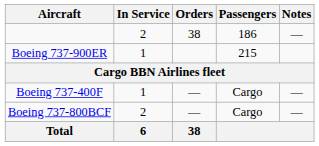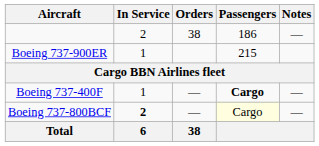 <table class="wikitable" style="margin:0.5em auto; text-align:center">
 <tr>
 <th>Aircraft</th>
 <th>In Service</th>
 <th>Orders</th>
 <th>Passengers</th>
 <th>Notes</th>
 </tr>
 <tr>
 <td></td>
 <td>2</td>
 <td>38</td>
 <td>186</td>
 <td>—</td>
 </tr>
 <tr>
 <td><a href='#'>Boeing 737-900ER</a></td>
 <td>1</td>
 <td></td>
 <td>215</td>
 <td></td>
 </tr>
 <tr>
 <th colspan="8" scope="row">Cargo BBN Airlines fleet</th>
 </tr>
 <tr>
 <td><a href='#'>Boeing 737-400F</a></td>
 <td>1</td>
 <td>—</td>
-<td>Cargo</td>
+<td><strong>Cargo</strong></td>
 <td>—</td>
 </tr>
 <tr>
 <td><a href='#'>Boeing 737-800BCF</a></td>
-<td>2</td>
+<td><strong>2</strong></td>
 <td>—</td>
-<td>Cargo</td>
+<td style="background: lightyellow;">Cargo</td>
 <td>—</td>
 </tr>
 <tr>
 <th>Total</th>
 <th>6</th>
 <th>38</th>
 <th colspan=3></th>
 </tr>
 </table>
